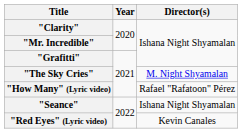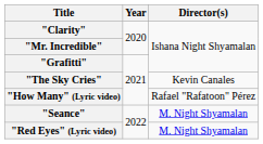 <table class="wikitable plainrowheaders" style="text-align:center;">
 <tr>
 <th>Title</th>
 <th>Year</th>
 <th>Director(s)</th>
 </tr>
 <tr>
 <th scope="row">"Clarity"</th>
 <td rowspan="2">2020</td>
 <td rowspan="3">Ishana Night Shyamalan</td>
 </tr>
 <tr>
 <th scope="row">"Mr. Incredible"</th>
 </tr>
 <tr>
 <th scope="row">"Grafitti"</th>
 <td rowspan="3">2021</td>
 </tr>
 <tr>
 <th scope="row">"The Sky Cries"</th>
-<td><a href='#'>M. Night Shyamalan</a></td>
+<td>Kevin Canales</td>
 </tr>
 <tr>
 <th scope="row">"How Many" <small>(Lyric video)</small></th>
 <td>Rafael "Rafatoon" Pérez</td>
 </tr>
 <tr>
 <th scope="row">"Seance"</th>
 <td rowspan="2">2022</td>
-<td>Ishana Night Shyamalan</td>
+<td><a href='#'>M. Night Shyamalan</a></td>
 </tr>
 <tr>
 <th scope="row">"Red Eyes" <small>(Lyric video)</small></th>
-<td>Kevin Canales</td>
+<td><a href='#'>M. Night Shyamalan</a></td>
 </tr>
 </table>
